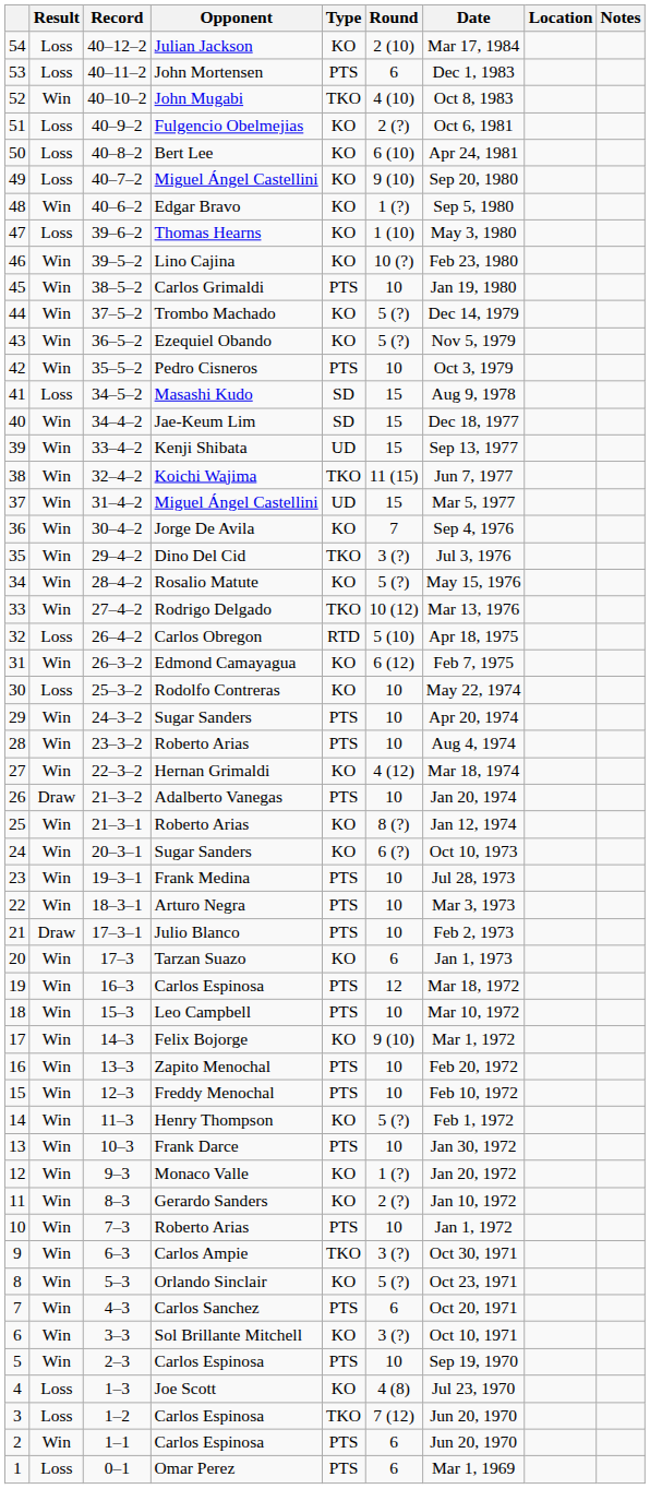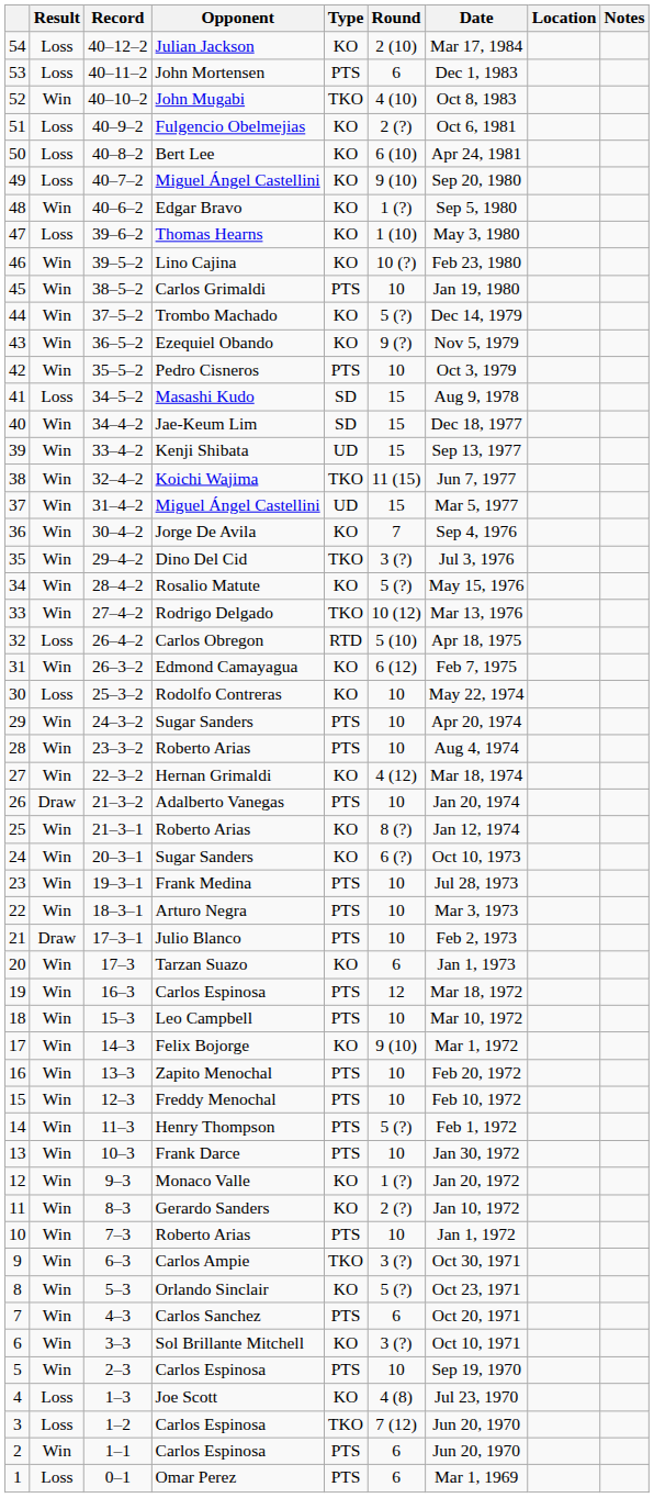 <table class="wikitable" style="text-align:center">
 <tr>
 <th></th>
 <th>Result</th>
 <th>Record</th>
 <th>Opponent</th>
 <th>Type</th>
 <th>Round</th>
 <th>Date</th>
 <th>Location</th>
 <th>Notes</th>
 </tr>
 <tr>
 <td>54</td>
 <td>Loss</td>
 <td>40–12–2</td>
 <td align=left><a href='#'>Julian Jackson</a></td>
 <td>KO</td>
 <td>2 (10)</td>
 <td>Mar 17, 1984</td>
 <td align=left></td>
 <td align=left></td>
 </tr>
 <tr>
 <td>53</td>
 <td>Loss</td>
 <td>40–11–2</td>
 <td align=left>John Mortensen</td>
 <td>PTS</td>
 <td>6</td>
 <td>Dec 1, 1983</td>
 <td align=left></td>
 <td align=left></td>
 </tr>
 <tr>
 <td>52</td>
 <td>Win</td>
 <td>40–10–2</td>
 <td align=left><a href='#'>John Mugabi</a></td>
 <td>TKO</td>
 <td>4 (10)</td>
 <td>Oct 8, 1983</td>
 <td align=left></td>
 <td align=left></td>
 </tr>
 <tr>
 <td>51</td>
 <td>Loss</td>
 <td>40–9–2</td>
 <td align=left><a href='#'>Fulgencio Obelmejias</a></td>
 <td>KO</td>
 <td>2 (?)</td>
 <td>Oct 6, 1981</td>
 <td align=left></td>
 <td align=left></td>
 </tr>
 <tr>
 <td>50</td>
 <td>Loss</td>
 <td>40–8–2</td>
 <td align=left>Bert Lee</td>
 <td>KO</td>
 <td>6 (10)</td>
 <td>Apr 24, 1981</td>
 <td align=left></td>
 <td align=left></td>
 </tr>
 <tr>
 <td>49</td>
 <td>Loss</td>
 <td>40–7–2</td>
 <td align=left><a href='#'>Miguel Ángel Castellini</a></td>
 <td>KO</td>
 <td>9 (10)</td>
 <td>Sep 20, 1980</td>
 <td align=left></td>
 <td align=left></td>
 </tr>
 <tr>
 <td>48</td>
 <td>Win</td>
 <td>40–6–2</td>
 <td align=left>Edgar Bravo</td>
 <td>KO</td>
 <td>1 (?)</td>
 <td>Sep 5, 1980</td>
 <td align=left></td>
 <td align=left></td>
 </tr>
 <tr>
 <td>47</td>
 <td>Loss</td>
 <td>39–6–2</td>
 <td align=left><a href='#'>Thomas Hearns</a></td>
 <td>KO</td>
 <td>1 (10)</td>
 <td>May 3, 1980</td>
 <td align=left></td>
 <td align=left></td>
 </tr>
 <tr>
 <td>46</td>
 <td>Win</td>
 <td>39–5–2</td>
 <td align=left>Lino Cajina</td>
 <td>KO</td>
 <td>10 (?)</td>
 <td>Feb 23, 1980</td>
 <td align=left></td>
 <td align=left></td>
 </tr>
 <tr>
 <td>45</td>
 <td>Win</td>
 <td>38–5–2</td>
 <td align=left>Carlos Grimaldi</td>
 <td>PTS</td>
 <td>10</td>
 <td>Jan 19, 1980</td>
 <td align=left></td>
 <td align=left></td>
 </tr>
 <tr>
 <td>44</td>
 <td>Win</td>
 <td>37–5–2</td>
 <td align=left>Trombo Machado</td>
 <td>KO</td>
 <td>5 (?)</td>
 <td>Dec 14, 1979</td>
 <td align=left></td>
 <td align=left></td>
 </tr>
 <tr>
 <td>43</td>
 <td>Win</td>
 <td>36–5–2</td>
 <td align=left>Ezequiel Obando</td>
 <td>KO</td>
-<td>5 (?)</td>
+<td>9 (?)</td>
 <td>Nov 5, 1979</td>
 <td align=left></td>
 <td align=left></td>
 </tr>
 <tr>
 <td>42</td>
 <td>Win</td>
 <td>35–5–2</td>
 <td align=left>Pedro Cisneros</td>
 <td>PTS</td>
 <td>10</td>
 <td>Oct 3, 1979</td>
 <td align=left></td>
 <td align=left></td>
 </tr>
 <tr>
 <td>41</td>
 <td>Loss</td>
 <td>34–5–2</td>
 <td align=left><a href='#'>Masashi Kudo</a></td>
 <td>SD</td>
 <td>15</td>
 <td>Aug 9, 1978</td>
 <td align=left></td>
 <td align=left></td>
 </tr>
 <tr>
 <td>40</td>
 <td>Win</td>
 <td>34–4–2</td>
 <td align=left>Jae-Keum Lim</td>
 <td>SD</td>
 <td>15</td>
 <td>Dec 18, 1977</td>
 <td align=left></td>
 <td align=left></td>
 </tr>
 <tr>
 <td>39</td>
 <td>Win</td>
 <td>33–4–2</td>
 <td align=left>Kenji Shibata</td>
 <td>UD</td>
 <td>15</td>
 <td>Sep 13, 1977</td>
 <td align=left></td>
 <td align=left></td>
 </tr>
 <tr>
 <td>38</td>
 <td>Win</td>
 <td>32–4–2</td>
 <td align=left><a href='#'>Koichi Wajima</a></td>
 <td>TKO</td>
 <td>11 (15)</td>
 <td>Jun 7, 1977</td>
 <td align=left></td>
 <td align=left></td>
 </tr>
 <tr>
 <td>37</td>
 <td>Win</td>
 <td>31–4–2</td>
 <td align=left><a href='#'>Miguel Ángel Castellini</a></td>
 <td>UD</td>
 <td>15</td>
 <td>Mar 5, 1977</td>
 <td align=left></td>
 <td align=left></td>
 </tr>
 <tr>
 <td>36</td>
 <td>Win</td>
 <td>30–4–2</td>
 <td align=left>Jorge De Avila</td>
 <td>KO</td>
 <td>7</td>
 <td>Sep 4, 1976</td>
 <td align=left></td>
 <td align=left></td>
 </tr>
 <tr>
 <td>35</td>
 <td>Win</td>
 <td>29–4–2</td>
 <td align=left>Dino Del Cid</td>
 <td>TKO</td>
 <td>3 (?)</td>
 <td>Jul 3, 1976</td>
 <td align=left></td>
 <td align=left></td>
 </tr>
 <tr>
 <td>34</td>
 <td>Win</td>
 <td>28–4–2</td>
 <td align=left>Rosalio Matute</td>
 <td>KO</td>
 <td>5 (?)</td>
 <td>May 15, 1976</td>
 <td align=left></td>
 <td align=left></td>
 </tr>
 <tr>
 <td>33</td>
 <td>Win</td>
 <td>27–4–2</td>
 <td align=left>Rodrigo Delgado</td>
 <td>TKO</td>
 <td>10 (12)</td>
 <td>Mar 13, 1976</td>
 <td align=left></td>
 <td align=left></td>
 </tr>
 <tr>
 <td>32</td>
 <td>Loss</td>
 <td>26–4–2</td>
 <td align=left>Carlos Obregon</td>
 <td>RTD</td>
 <td>5 (10)</td>
 <td>Apr 18, 1975</td>
 <td align=left></td>
 <td align=left></td>
 </tr>
 <tr>
 <td>31</td>
 <td>Win</td>
 <td>26–3–2</td>
 <td align=left>Edmond Camayagua</td>
 <td>KO</td>
 <td>6 (12)</td>
 <td>Feb 7, 1975</td>
 <td align=left></td>
 <td align=left></td>
 </tr>
 <tr>
 <td>30</td>
 <td>Loss</td>
 <td>25–3–2</td>
 <td align=left>Rodolfo Contreras</td>
 <td>KO</td>
 <td>10</td>
 <td>May 22, 1974</td>
 <td align=left></td>
 <td align=left></td>
 </tr>
 <tr>
 <td>29</td>
 <td>Win</td>
 <td>24–3–2</td>
 <td align=left>Sugar Sanders</td>
 <td>PTS</td>
 <td>10</td>
 <td>Apr 20, 1974</td>
 <td align=left></td>
 <td align=left></td>
 </tr>
 <tr>
 <td>28</td>
 <td>Win</td>
 <td>23–3–2</td>
 <td align=left>Roberto Arias</td>
 <td>PTS</td>
 <td>10</td>
 <td>Aug 4, 1974</td>
 <td align=left></td>
 <td align=left></td>
 </tr>
 <tr>
 <td>27</td>
 <td>Win</td>
 <td>22–3–2</td>
 <td align=left>Hernan Grimaldi</td>
 <td>KO</td>
 <td>4 (12)</td>
 <td>Mar 18, 1974</td>
 <td align=left></td>
 <td align=left></td>
 </tr>
 <tr>
 <td>26</td>
 <td>Draw</td>
 <td>21–3–2</td>
 <td align=left>Adalberto Vanegas</td>
 <td>PTS</td>
 <td>10</td>
 <td>Jan 20, 1974</td>
 <td align=left></td>
 <td align=left></td>
 </tr>
 <tr>
 <td>25</td>
 <td>Win</td>
 <td>21–3–1</td>
 <td align=left>Roberto Arias</td>
 <td>KO</td>
 <td>8 (?)</td>
 <td>Jan 12, 1974</td>
 <td align=left></td>
 <td align=left></td>
 </tr>
 <tr>
 <td>24</td>
 <td>Win</td>
 <td>20–3–1</td>
 <td align=left>Sugar Sanders</td>
 <td>KO</td>
 <td>6 (?)</td>
 <td>Oct 10, 1973</td>
 <td align=left></td>
 <td align=left></td>
 </tr>
 <tr>
 <td>23</td>
 <td>Win</td>
 <td>19–3–1</td>
 <td align=left>Frank Medina</td>
 <td>PTS</td>
 <td>10</td>
 <td>Jul 28, 1973</td>
 <td align=left></td>
 <td align=left></td>
 </tr>
 <tr>
 <td>22</td>
 <td>Win</td>
 <td>18–3–1</td>
 <td align=left>Arturo Negra</td>
 <td>PTS</td>
 <td>10</td>
 <td>Mar 3, 1973</td>
 <td align=left></td>
 <td align=left></td>
 </tr>
 <tr>
 <td>21</td>
 <td>Draw</td>
 <td>17–3–1</td>
 <td align=left>Julio Blanco</td>
 <td>PTS</td>
 <td>10</td>
 <td>Feb 2, 1973</td>
 <td align=left></td>
 <td align=left></td>
 </tr>
 <tr>
 <td>20</td>
 <td>Win</td>
 <td>17–3</td>
 <td align=left>Tarzan Suazo</td>
 <td>KO</td>
 <td>6</td>
 <td>Jan 1, 1973</td>
 <td align=left></td>
 <td align=left></td>
 </tr>
 <tr>
 <td>19</td>
 <td>Win</td>
 <td>16–3</td>
 <td align=left>Carlos Espinosa</td>
 <td>PTS</td>
 <td>12</td>
 <td>Mar 18, 1972</td>
 <td align=left></td>
 <td align=left></td>
 </tr>
 <tr>
 <td>18</td>
 <td>Win</td>
 <td>15–3</td>
 <td align=left>Leo Campbell</td>
 <td>PTS</td>
 <td>10</td>
 <td>Mar 10, 1972</td>
 <td align=left></td>
 <td align=left></td>
 </tr>
 <tr>
 <td>17</td>
 <td>Win</td>
 <td>14–3</td>
 <td align=left>Felix Bojorge</td>
 <td>KO</td>
 <td>9 (10)</td>
 <td>Mar 1, 1972</td>
 <td align=left></td>
 <td align=left></td>
 </tr>
 <tr>
 <td>16</td>
 <td>Win</td>
 <td>13–3</td>
 <td align=left>Zapito Menochal</td>
 <td>PTS</td>
 <td>10</td>
 <td>Feb 20, 1972</td>
 <td align=left></td>
 <td align=left></td>
 </tr>
 <tr>
 <td>15</td>
 <td>Win</td>
 <td>12–3</td>
 <td align=left>Freddy Menochal</td>
 <td>PTS</td>
 <td>10</td>
 <td>Feb 10, 1972</td>
 <td align=left></td>
 <td align=left></td>
 </tr>
 <tr>
 <td>14</td>
 <td>Win</td>
 <td>11–3</td>
 <td align=left>Henry Thompson</td>
-<td>KO</td>
+<td>PTS</td>
 <td>5 (?)</td>
 <td>Feb 1, 1972</td>
 <td align=left></td>
 <td align=left></td>
 </tr>
 <tr>
 <td>13</td>
 <td>Win</td>
 <td>10–3</td>
 <td align=left>Frank Darce</td>
 <td>PTS</td>
 <td>10</td>
 <td>Jan 30, 1972</td>
 <td align=left></td>
 <td align=left></td>
 </tr>
 <tr>
 <td>12</td>
 <td>Win</td>
 <td>9–3</td>
 <td align=left>Monaco Valle</td>
 <td>KO</td>
 <td>1 (?)</td>
 <td>Jan 20, 1972</td>
 <td align=left></td>
 <td align=left></td>
 </tr>
 <tr>
 <td>11</td>
 <td>Win</td>
 <td>8–3</td>
 <td align=left>Gerardo Sanders</td>
 <td>KO</td>
 <td>2 (?)</td>
 <td>Jan 10, 1972</td>
 <td align=left></td>
 <td align=left></td>
 </tr>
 <tr>
 <td>10</td>
 <td>Win</td>
 <td>7–3</td>
 <td align=left>Roberto Arias</td>
 <td>PTS</td>
 <td>10</td>
 <td>Jan 1, 1972</td>
 <td align=left></td>
 <td align=left></td>
 </tr>
 <tr>
 <td>9</td>
 <td>Win</td>
 <td>6–3</td>
 <td align=left>Carlos Ampie</td>
 <td>TKO</td>
 <td>3 (?)</td>
 <td>Oct 30, 1971</td>
 <td align=left></td>
 <td align=left></td>
 </tr>
 <tr>
 <td>8</td>
 <td>Win</td>
 <td>5–3</td>
 <td align=left>Orlando Sinclair</td>
 <td>KO</td>
 <td>5 (?)</td>
 <td>Oct 23, 1971</td>
 <td align=left></td>
 <td align=left></td>
 </tr>
 <tr>
 <td>7</td>
 <td>Win</td>
 <td>4–3</td>
 <td align=left>Carlos Sanchez</td>
 <td>PTS</td>
 <td>6</td>
 <td>Oct 20, 1971</td>
 <td align=left></td>
 <td align=left></td>
 </tr>
 <tr>
 <td>6</td>
 <td>Win</td>
 <td>3–3</td>
 <td align=left>Sol Brillante Mitchell</td>
 <td>KO</td>
 <td>3 (?)</td>
 <td>Oct 10, 1971</td>
 <td align=left></td>
 <td align=left></td>
 </tr>
 <tr>
 <td>5</td>
 <td>Win</td>
 <td>2–3</td>
 <td align=left>Carlos Espinosa</td>
 <td>PTS</td>
 <td>10</td>
 <td>Sep 19, 1970</td>
 <td align=left></td>
 <td align=left></td>
 </tr>
 <tr>
 <td>4</td>
 <td>Loss</td>
 <td>1–3</td>
 <td align=left>Joe Scott</td>
 <td>KO</td>
 <td>4 (8)</td>
 <td>Jul 23, 1970</td>
 <td align=left></td>
 <td align=left></td>
 </tr>
 <tr>
 <td>3</td>
 <td>Loss</td>
 <td>1–2</td>
 <td align=left>Carlos Espinosa</td>
 <td>TKO</td>
 <td>7 (12)</td>
 <td>Jun 20, 1970</td>
 <td align=left></td>
 <td align=left></td>
 </tr>
 <tr>
 <td>2</td>
 <td>Win</td>
 <td>1–1</td>
 <td align=left>Carlos Espinosa</td>
 <td>PTS</td>
 <td>6</td>
 <td>Jun 20, 1970</td>
 <td align=left></td>
 <td align=left></td>
 </tr>
 <tr>
 <td>1</td>
 <td>Loss</td>
 <td>0–1</td>
 <td align=left>Omar Perez</td>
 <td>PTS</td>
 <td>6</td>
 <td>Mar 1, 1969</td>
 <td align=left></td>
 <td align=left></td>
 </tr>
 </table>
